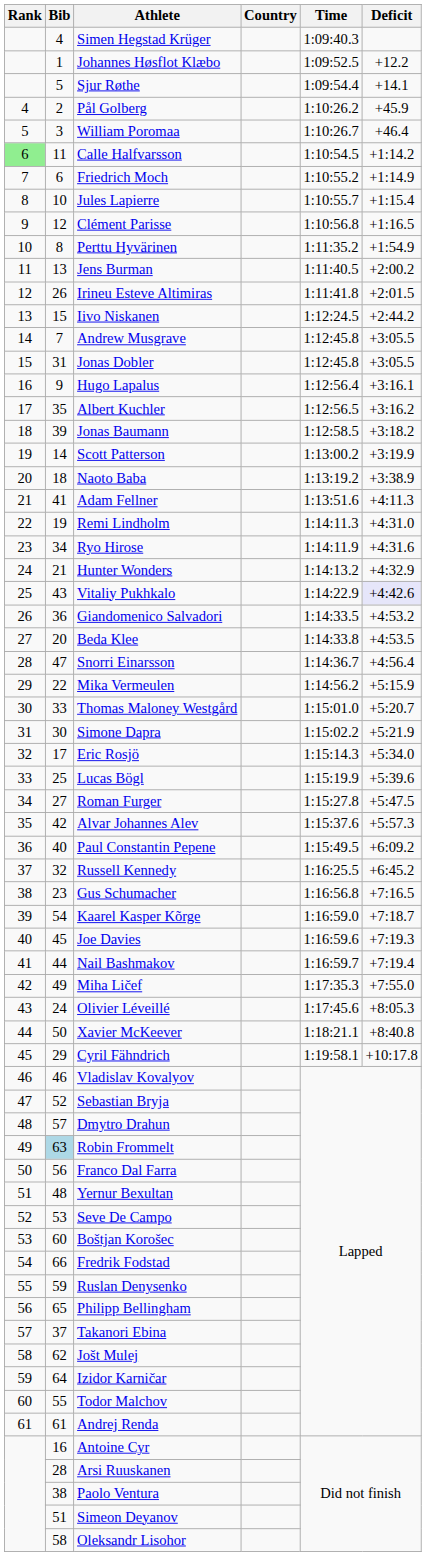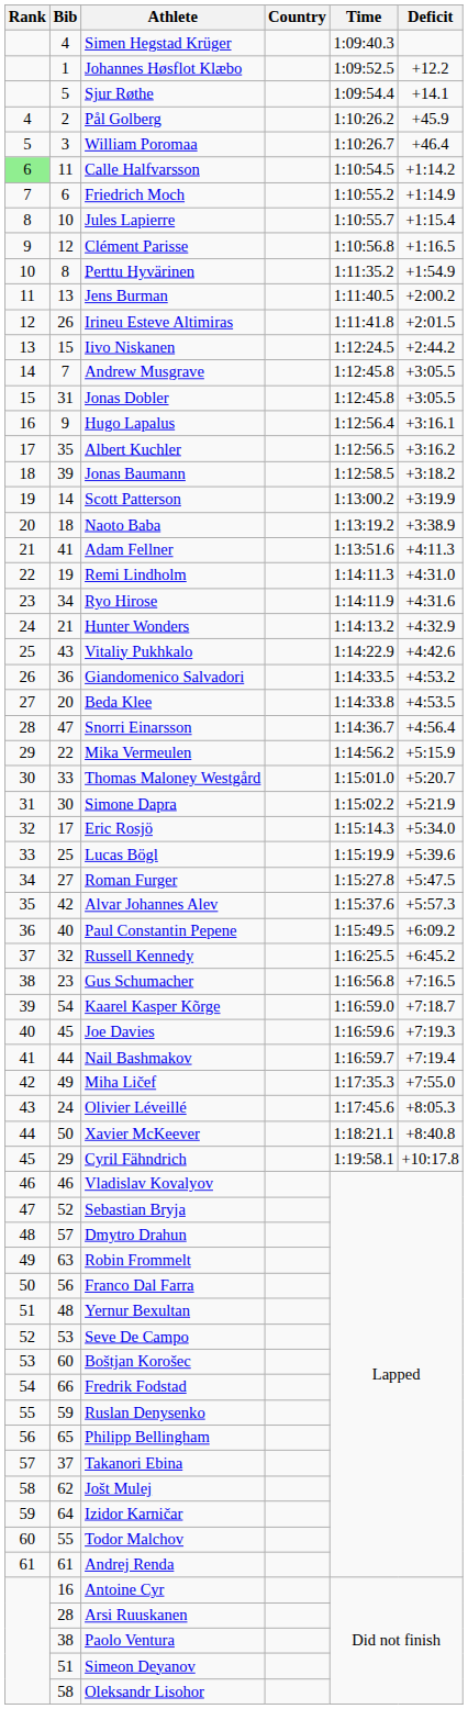 <table class="wikitable sortable" style="text-align:center">
 <tr>
 <th>Rank</th>
 <th>Bib</th>
 <th>Athlete</th>
 <th>Country</th>
 <th>Time</th>
 <th>Deficit</th>
 </tr>
 <tr>
 <td></td>
 <td>4</td>
 <td align=left><a href='#'>Simen Hegstad Krüger</a></td>
 <td align=left></td>
 <td>1:09:40.3</td>
 <td></td>
 </tr>
 <tr>
 <td></td>
 <td>1</td>
 <td align=left><a href='#'>Johannes Høsflot Klæbo</a></td>
 <td align=left></td>
 <td>1:09:52.5</td>
 <td>+12.2</td>
 </tr>
 <tr>
 <td></td>
 <td>5</td>
 <td align=left><a href='#'>Sjur Røthe</a></td>
 <td align=left></td>
 <td>1:09:54.4</td>
 <td>+14.1</td>
 </tr>
 <tr>
 <td>4</td>
 <td>2</td>
 <td align=left><a href='#'>Pål Golberg</a></td>
 <td align=left></td>
 <td>1:10:26.2</td>
 <td>+45.9</td>
 </tr>
 <tr>
 <td>5</td>
 <td>3</td>
 <td align=left><a href='#'>William Poromaa</a></td>
 <td align=left></td>
 <td>1:10:26.7</td>
 <td>+46.4</td>
 </tr>
 <tr>
 <td style="background: lightgreen;">6</td>
 <td>11</td>
 <td align=left><a href='#'>Calle Halfvarsson</a></td>
 <td align=left></td>
 <td>1:10:54.5</td>
 <td>+1:14.2</td>
 </tr>
 <tr>
 <td>7</td>
 <td>6</td>
 <td align=left><a href='#'>Friedrich Moch</a></td>
 <td align=left></td>
 <td>1:10:55.2</td>
 <td>+1:14.9</td>
 </tr>
 <tr>
 <td>8</td>
 <td>10</td>
 <td align=left><a href='#'>Jules Lapierre</a></td>
 <td align=left></td>
 <td>1:10:55.7</td>
 <td>+1:15.4</td>
 </tr>
 <tr>
 <td>9</td>
 <td>12</td>
 <td align=left><a href='#'>Clément Parisse</a></td>
 <td align=left></td>
 <td>1:10:56.8</td>
 <td>+1:16.5</td>
 </tr>
 <tr>
 <td>10</td>
 <td>8</td>
 <td align=left><a href='#'>Perttu Hyvärinen</a></td>
 <td align=left></td>
 <td>1:11:35.2</td>
 <td>+1:54.9</td>
 </tr>
 <tr>
 <td>11</td>
 <td>13</td>
 <td align=left><a href='#'>Jens Burman</a></td>
 <td align=left></td>
 <td>1:11:40.5</td>
 <td>+2:00.2</td>
 </tr>
 <tr>
 <td>12</td>
 <td>26</td>
 <td align=left><a href='#'>Irineu Esteve Altimiras</a></td>
 <td align=left></td>
 <td>1:11:41.8</td>
 <td>+2:01.5</td>
 </tr>
 <tr>
 <td>13</td>
 <td>15</td>
 <td align=left><a href='#'>Iivo Niskanen</a></td>
 <td align=left></td>
 <td>1:12:24.5</td>
 <td>+2:44.2</td>
 </tr>
 <tr>
 <td>14</td>
 <td>7</td>
 <td align=left><a href='#'>Andrew Musgrave</a></td>
 <td align=left></td>
 <td>1:12:45.8</td>
 <td>+3:05.5</td>
 </tr>
 <tr>
 <td>15</td>
 <td>31</td>
 <td align=left><a href='#'>Jonas Dobler</a></td>
 <td align=left></td>
 <td>1:12:45.8</td>
 <td>+3:05.5</td>
 </tr>
 <tr>
 <td>16</td>
 <td>9</td>
 <td align=left><a href='#'>Hugo Lapalus</a></td>
 <td align=left></td>
 <td>1:12:56.4</td>
 <td>+3:16.1</td>
 </tr>
 <tr>
 <td>17</td>
 <td>35</td>
 <td align=left><a href='#'>Albert Kuchler</a></td>
 <td align=left></td>
 <td>1:12:56.5</td>
 <td>+3:16.2</td>
 </tr>
 <tr>
 <td>18</td>
 <td>39</td>
 <td align=left><a href='#'>Jonas Baumann</a></td>
 <td align=left></td>
 <td>1:12:58.5</td>
 <td>+3:18.2</td>
 </tr>
 <tr>
 <td>19</td>
 <td>14</td>
 <td align=left><a href='#'>Scott Patterson</a></td>
 <td align=left></td>
 <td>1:13:00.2</td>
 <td>+3:19.9</td>
 </tr>
 <tr>
 <td>20</td>
 <td>18</td>
 <td align=left><a href='#'>Naoto Baba</a></td>
 <td align=left></td>
 <td>1:13:19.2</td>
 <td>+3:38.9</td>
 </tr>
 <tr>
 <td>21</td>
 <td>41</td>
 <td align=left><a href='#'>Adam Fellner</a></td>
 <td align=left></td>
 <td>1:13:51.6</td>
 <td>+4:11.3</td>
 </tr>
 <tr>
 <td>22</td>
 <td>19</td>
 <td align=left><a href='#'>Remi Lindholm</a></td>
 <td align=left></td>
 <td>1:14:11.3</td>
 <td>+4:31.0</td>
 </tr>
 <tr>
 <td>23</td>
 <td>34</td>
 <td align=left><a href='#'>Ryo Hirose</a></td>
 <td align=left></td>
 <td>1:14:11.9</td>
 <td>+4:31.6</td>
 </tr>
 <tr>
 <td>24</td>
 <td>21</td>
 <td align=left><a href='#'>Hunter Wonders</a></td>
 <td align=left></td>
 <td>1:14:13.2</td>
 <td>+4:32.9</td>
 </tr>
 <tr>
 <td>25</td>
 <td>43</td>
 <td align=left><a href='#'>Vitaliy Pukhkalo</a></td>
 <td align=left></td>
 <td>1:14:22.9</td>
-<td style="background: lavender;">+4:42.6</td>
+<td>+4:42.6</td>
 </tr>
 <tr>
 <td>26</td>
 <td>36</td>
 <td align=left><a href='#'>Giandomenico Salvadori</a></td>
 <td align=left></td>
 <td>1:14:33.5</td>
 <td>+4:53.2</td>
 </tr>
 <tr>
 <td>27</td>
 <td>20</td>
 <td align=left><a href='#'>Beda Klee</a></td>
 <td align=left></td>
 <td>1:14:33.8</td>
 <td>+4:53.5</td>
 </tr>
 <tr>
 <td>28</td>
 <td>47</td>
 <td align=left><a href='#'>Snorri Einarsson</a></td>
 <td align=left></td>
 <td>1:14:36.7</td>
 <td>+4:56.4</td>
 </tr>
 <tr>
 <td>29</td>
 <td>22</td>
 <td align=left><a href='#'>Mika Vermeulen</a></td>
 <td align=left></td>
 <td>1:14:56.2</td>
 <td>+5:15.9</td>
 </tr>
 <tr>
 <td>30</td>
 <td>33</td>
 <td align=left><a href='#'>Thomas Maloney Westgård</a></td>
 <td align=left></td>
 <td>1:15:01.0</td>
 <td>+5:20.7</td>
 </tr>
 <tr>
 <td>31</td>
 <td>30</td>
 <td align=left><a href='#'>Simone Dapra</a></td>
 <td align=left></td>
 <td>1:15:02.2</td>
 <td>+5:21.9</td>
 </tr>
 <tr>
 <td>32</td>
 <td>17</td>
 <td align=left><a href='#'>Eric Rosjö</a></td>
 <td align=left></td>
 <td>1:15:14.3</td>
 <td>+5:34.0</td>
 </tr>
 <tr>
 <td>33</td>
 <td>25</td>
 <td align=left><a href='#'>Lucas Bögl</a></td>
 <td align=left></td>
 <td>1:15:19.9</td>
 <td>+5:39.6</td>
 </tr>
 <tr>
 <td>34</td>
 <td>27</td>
 <td align=left><a href='#'>Roman Furger</a></td>
 <td align=left></td>
 <td>1:15:27.8</td>
 <td>+5:47.5</td>
 </tr>
 <tr>
 <td>35</td>
 <td>42</td>
 <td align=left><a href='#'>Alvar Johannes Alev</a></td>
 <td align=left></td>
 <td>1:15:37.6</td>
 <td>+5:57.3</td>
 </tr>
 <tr>
 <td>36</td>
 <td>40</td>
 <td align=left><a href='#'>Paul Constantin Pepene</a></td>
 <td align=left></td>
 <td>1:15:49.5</td>
 <td>+6:09.2</td>
 </tr>
 <tr>
 <td>37</td>
 <td>32</td>
 <td align=left><a href='#'>Russell Kennedy</a></td>
 <td align=left></td>
 <td>1:16:25.5</td>
 <td>+6:45.2</td>
 </tr>
 <tr>
 <td>38</td>
 <td>23</td>
 <td align=left><a href='#'>Gus Schumacher</a></td>
 <td align=left></td>
 <td>1:16:56.8</td>
 <td>+7:16.5</td>
 </tr>
 <tr>
 <td>39</td>
 <td>54</td>
 <td align=left><a href='#'>Kaarel Kasper Kõrge</a></td>
 <td align=left></td>
 <td>1:16:59.0</td>
 <td>+7:18.7</td>
 </tr>
 <tr>
 <td>40</td>
 <td>45</td>
 <td align=left><a href='#'>Joe Davies</a></td>
 <td align=left></td>
 <td>1:16:59.6</td>
 <td>+7:19.3</td>
 </tr>
 <tr>
 <td>41</td>
 <td>44</td>
 <td align=left><a href='#'>Nail Bashmakov</a></td>
 <td align=left></td>
 <td>1:16:59.7</td>
 <td>+7:19.4</td>
 </tr>
 <tr>
 <td>42</td>
 <td>49</td>
 <td align=left><a href='#'>Miha Ličef</a></td>
 <td align=left></td>
 <td>1:17:35.3</td>
 <td>+7:55.0</td>
 </tr>
 <tr>
 <td>43</td>
 <td>24</td>
 <td align=left><a href='#'>Olivier Léveillé</a></td>
 <td align=left></td>
 <td>1:17:45.6</td>
 <td>+8:05.3</td>
 </tr>
 <tr>
 <td>44</td>
 <td>50</td>
 <td align=left><a href='#'>Xavier McKeever</a></td>
 <td align=left></td>
 <td>1:18:21.1</td>
 <td>+8:40.8</td>
 </tr>
 <tr>
 <td>45</td>
 <td>29</td>
 <td align=left><a href='#'>Cyril Fähndrich</a></td>
 <td align=left></td>
 <td>1:19:58.1</td>
 <td>+10:17.8</td>
 </tr>
 <tr>
 <td>46</td>
 <td>46</td>
 <td align=left><a href='#'>Vladislav Kovalyov</a></td>
 <td align=left></td>
 <td colspan=2 rowspan=16>Lapped</td>
 </tr>
 <tr>
 <td>47</td>
 <td>52</td>
 <td align=left><a href='#'>Sebastian Bryja</a></td>
 <td align=left></td>
 </tr>
 <tr>
 <td>48</td>
 <td>57</td>
 <td align=left><a href='#'>Dmytro Drahun</a></td>
 <td align=left></td>
 </tr>
 <tr>
 <td>49</td>
-<td style="background: lightblue;">63</td>
+<td>63</td>
 <td align=left><a href='#'>Robin Frommelt</a></td>
 <td align=left></td>
 </tr>
 <tr>
 <td>50</td>
 <td>56</td>
 <td align=left><a href='#'>Franco Dal Farra</a></td>
 <td align=left></td>
 </tr>
 <tr>
 <td>51</td>
 <td>48</td>
 <td align=left><a href='#'>Yernur Bexultan</a></td>
 <td align=left></td>
 </tr>
 <tr>
 <td>52</td>
 <td>53</td>
 <td align=left><a href='#'>Seve De Campo</a></td>
 <td align=left></td>
 </tr>
 <tr>
 <td>53</td>
 <td>60</td>
 <td align=left><a href='#'>Boštjan Korošec</a></td>
 <td align=left></td>
 </tr>
 <tr>
 <td>54</td>
 <td>66</td>
 <td align=left><a href='#'>Fredrik Fodstad</a></td>
 <td align=left></td>
 </tr>
 <tr>
 <td>55</td>
 <td>59</td>
 <td align=left><a href='#'>Ruslan Denysenko</a></td>
 <td align=left></td>
 </tr>
 <tr>
 <td>56</td>
 <td>65</td>
 <td align=left><a href='#'>Philipp Bellingham</a></td>
 <td align=left></td>
 </tr>
 <tr>
 <td>57</td>
 <td>37</td>
 <td align=left><a href='#'>Takanori Ebina</a></td>
 <td align=left></td>
 </tr>
 <tr>
 <td>58</td>
 <td>62</td>
 <td align=left><a href='#'>Jošt Mulej</a></td>
 <td align=left></td>
 </tr>
 <tr>
 <td>59</td>
 <td>64</td>
 <td align=left><a href='#'>Izidor Karničar</a></td>
 <td align=left></td>
 </tr>
 <tr>
 <td>60</td>
 <td>55</td>
 <td align=left><a href='#'>Todor Malchov</a></td>
 <td align=left></td>
 </tr>
 <tr>
 <td>61</td>
 <td>61</td>
 <td align=left><a href='#'>Andrej Renda</a></td>
 <td align=left></td>
 </tr>
 <tr>
 <td rowspan=5></td>
 <td>16</td>
 <td align=left><a href='#'>Antoine Cyr</a></td>
 <td align=left></td>
 <td colspan=2 rowspan=5>Did not finish</td>
 </tr>
 <tr>
 <td>28</td>
 <td align=left><a href='#'>Arsi Ruuskanen</a></td>
 <td align=left></td>
 </tr>
 <tr>
 <td>38</td>
 <td align=left><a href='#'>Paolo Ventura</a></td>
 <td align=left></td>
 </tr>
 <tr>
 <td>51</td>
 <td align=left><a href='#'>Simeon Deyanov</a></td>
 <td align=left></td>
 </tr>
 <tr>
 <td>58</td>
 <td align=left><a href='#'>Oleksandr Lisohor</a></td>
 <td align=left></td>
 </tr>
 </table>
